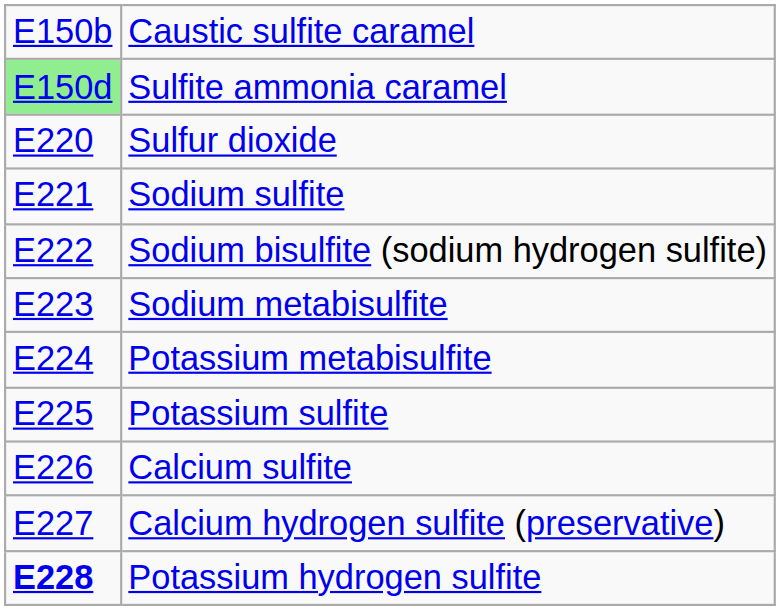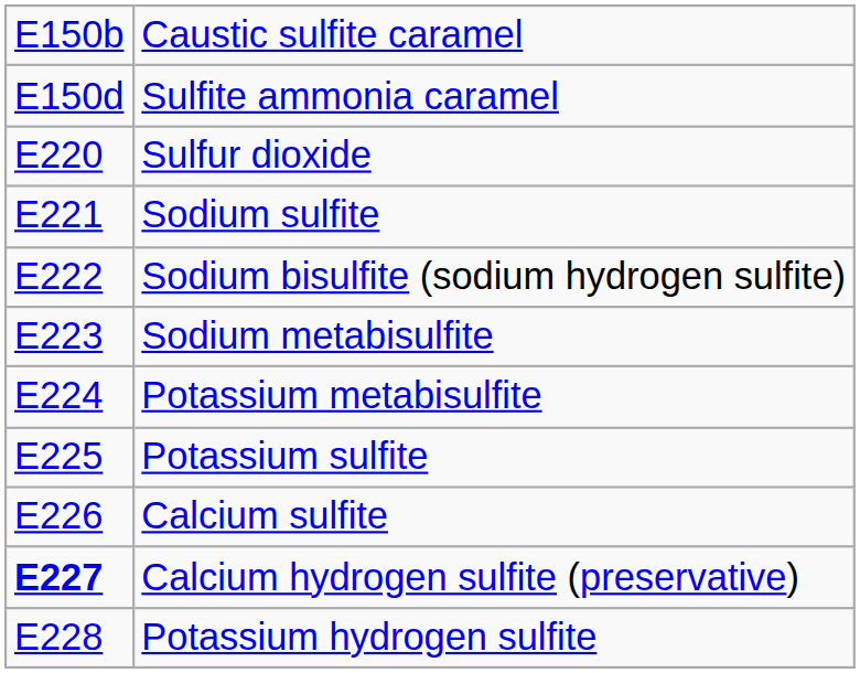 <table class="wikitable">
 <tr>
 <td><a href='#'>E150b</a></td>
 <td><a href='#'>Caustic sulfite caramel</a></td>
 </tr>
 <tr>
-<td style="background: lightgreen;"><a href='#'>E150d</a></td>
+<td><a href='#'>E150d</a></td>
 <td><a href='#'>Sulfite ammonia caramel</a></td>
 </tr>
 <tr>
 <td><a href='#'>E220</a></td>
 <td><a href='#'>Sulfur dioxide</a></td>
 </tr>
 <tr>
 <td><a href='#'>E221</a></td>
 <td><a href='#'>Sodium sulfite</a></td>
 </tr>
 <tr>
 <td><a href='#'>E222</a></td>
 <td><a href='#'>Sodium bisulfite</a> (sodium hydrogen sulfite)</td>
 </tr>
 <tr>
 <td><a href='#'>E223</a></td>
 <td><a href='#'>Sodium metabisulfite</a></td>
 </tr>
 <tr>
 <td><a href='#'>E224</a></td>
 <td><a href='#'>Potassium metabisulfite</a></td>
 </tr>
 <tr>
 <td><a href='#'>E225</a></td>
 <td><a href='#'>Potassium sulfite</a></td>
 </tr>
 <tr>
 <td><a href='#'>E226</a></td>
 <td><a href='#'>Calcium sulfite</a></td>
 </tr>
 <tr>
-<td><a href='#'>E227</a></td>
+<td><strong><a href='#'>E227</a></strong></td>
 <td><a href='#'>Calcium hydrogen sulfite</a> (<a href='#'>preservative</a>)</td>
 </tr>
 <tr>
-<td><strong><a href='#'>E228</a></strong></td>
+<td><a href='#'>E228</a></td>
 <td><a href='#'>Potassium hydrogen sulfite</a></td>
 </tr>
 </table>
